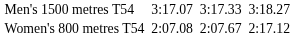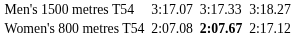 <table>
 <tr>
 <td>Men's 1500 metres T54</td>
 <td></td>
 <td>3:17.07</td>
 <td></td>
 <td>3:17.33</td>
 <td></td>
 <td>3:18.27</td>
 </tr>
 <tr>
 <td>Women's 800 metres T54</td>
 <td></td>
 <td>2:07.08</td>
 <td></td>
-<td>2:07.67</td>
+<td><strong>2:07.67</strong></td>
 <td></td>
 <td>2:17.12</td>
 </tr>
 </table>
